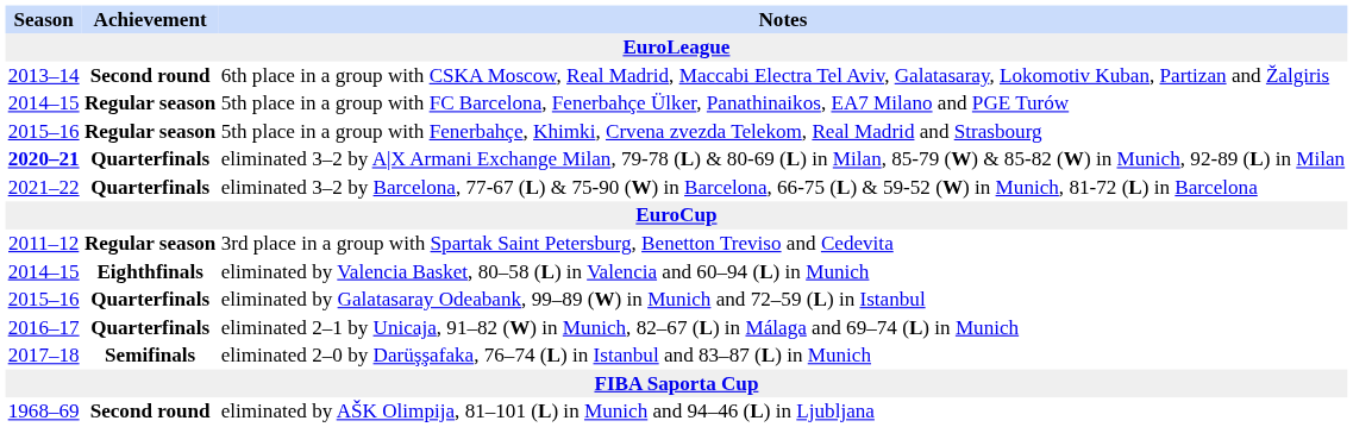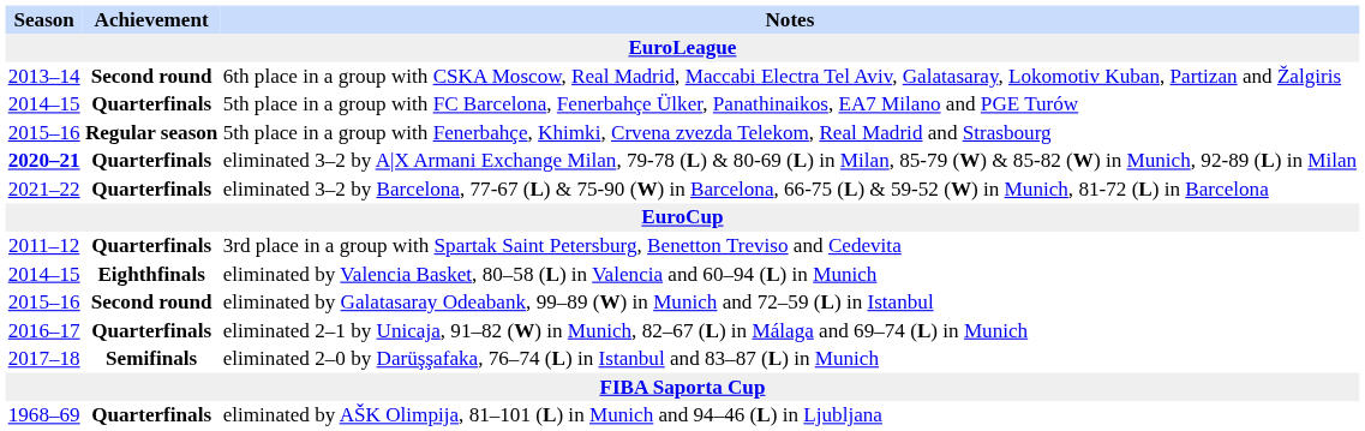 <table class="toccolours" border="0" cellpadding="2" cellspacing="0" align="left" style="margin:0.5em;">
 <tr bgcolor=#CADCFB>
 <th>Season</th>
 <th>Achievement</th>
 <th>Notes</th>
 </tr>
 <tr>
 <th colspan=4 bgcolor=#EFEFEF><a href='#'>EuroLeague</a></th>
 </tr>
 <tr>
 <td align="center"><a href='#'>2013–14</a></td>
 <td align="center"><strong>Second round</strong></td>
 <td align="left">6th place in a group with <a href='#'>CSKA Moscow</a>, <a href='#'>Real Madrid</a>, <a href='#'>Maccabi Electra Tel Aviv</a>, <a href='#'>Galatasaray</a>, <a href='#'>Lokomotiv Kuban</a>, <a href='#'>Partizan</a> and <a href='#'>Žalgiris</a></td>
 </tr>
 <tr>
 <td align="center"><a href='#'>2014–15</a></td>
-<td align="center"><strong>Regular season</strong></td>
+<td align="center"><strong>Quarterfinals</strong></td>
 <td align="left">5th place in a group with <a href='#'>FC Barcelona</a>, <a href='#'>Fenerbahçe Ülker</a>, <a href='#'>Panathinaikos</a>, <a href='#'>EA7 Milano</a> and <a href='#'>PGE Turów</a></td>
 </tr>
 <tr>
 <td align="center"><a href='#'>2015–16</a></td>
 <td align="center"><strong>Regular season</strong></td>
 <td align="left">5th place in a group with <a href='#'>Fenerbahçe</a>, <a href='#'>Khimki</a>, <a href='#'>Crvena zvezda Telekom</a>, <a href='#'>Real Madrid</a> and <a href='#'>Strasbourg</a></td>
 </tr>
 <tr>
 <td align="center"><strong><a href='#'>2020–21</a></strong></td>
 <td align="center"><strong>Quarterfinals</strong></td>
 <td align="left">eliminated 3–2 by <a href='#'>A|X Armani Exchange Milan</a>, 79-78 (<strong>L</strong>) & 80-69 (<strong>L</strong>) in <a href='#'>Milan</a>, 85-79 (<strong>W</strong>) & 85-82 (<strong>W</strong>) in <a href='#'>Munich</a>, 92-89 (<strong>L</strong>) in <a href='#'>Milan</a></td>
 </tr>
 <tr>
 <td align="center"><a href='#'>2021–22</a></td>
 <td align="center"><strong>Quarterfinals</strong></td>
 <td align="left">eliminated 3–2 by <a href='#'>Barcelona</a>, 77-67 (<strong>L</strong>) & 75-90 (<strong>W</strong>) in <a href='#'>Barcelona</a>, 66-75 (<strong>L</strong>) & 59-52 (<strong>W</strong>) in <a href='#'>Munich</a>, 81-72 (<strong>L</strong>) in <a href='#'>Barcelona</a></td>
 </tr>
 <tr>
 <th colspan=4 bgcolor=#EFEFEF><a href='#'>EuroCup</a></th>
 </tr>
 <tr>
 <td align="center"><a href='#'>2011–12</a></td>
-<td align="center"><strong>Regular season</strong></td>
+<td align="center"><strong>Quarterfinals</strong></td>
 <td align="left">3rd place in a group with <a href='#'>Spartak Saint Petersburg</a>, <a href='#'>Benetton Treviso</a> and <a href='#'>Cedevita</a></td>
 </tr>
 <tr>
 <td align="center"><a href='#'>2014–15</a></td>
 <td align="center"><strong>Eighthfinals</strong></td>
 <td align="left">eliminated by <a href='#'>Valencia Basket</a>, 80–58 (<strong>L</strong>) in <a href='#'>Valencia</a> and 60–94 (<strong>L</strong>) in <a href='#'>Munich</a></td>
 </tr>
 <tr>
 <td align="center"><a href='#'>2015–16</a></td>
-<td align="center"><strong>Quarterfinals</strong></td>
+<td align="center"><strong>Second round</strong></td>
 <td align="left">eliminated by <a href='#'>Galatasaray Odeabank</a>, 99–89 (<strong>W</strong>) in <a href='#'>Munich</a> and 72–59 (<strong>L</strong>) in <a href='#'>Istanbul</a></td>
 </tr>
 <tr>
 <td align="center"><a href='#'>2016–17</a></td>
 <td align="center"><strong>Quarterfinals</strong></td>
 <td align="left">eliminated 2–1 by <a href='#'>Unicaja</a>, 91–82 (<strong>W</strong>) in <a href='#'>Munich</a>, 82–67 (<strong>L</strong>) in <a href='#'>Málaga</a> and 69–74 (<strong>L</strong>) in <a href='#'>Munich</a></td>
 </tr>
 <tr>
 <td align="center"><a href='#'>2017–18</a></td>
 <td align="center"><strong>Semifinals</strong></td>
 <td align="left">eliminated 2–0 by <a href='#'>Darüşşafaka</a>, 76–74 (<strong>L</strong>) in <a href='#'>Istanbul</a> and 83–87 (<strong>L</strong>) in <a href='#'>Munich</a></td>
 </tr>
 <tr>
 <th colspan=4 bgcolor=#EFEFEF><a href='#'>FIBA Saporta Cup</a></th>
 </tr>
 <tr>
 <td align="center"><a href='#'>1968–69</a></td>
-<td align="center"><strong>Second round</strong></td>
+<td align="center"><strong>Quarterfinals</strong></td>
 <td align="left">eliminated by <a href='#'>AŠK Olimpija</a>, 81–101 (<strong>L</strong>) in <a href='#'>Munich</a> and 94–46 (<strong>L</strong>) in <a href='#'>Ljubljana</a></td>
 </tr>
 </table>
